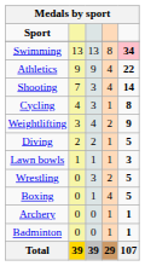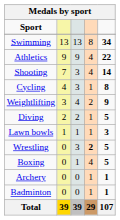 <table class="wikitable" style="font-size:85%; float:right">
 <tr style="background:#efefef;">
 <th colspan=7><strong>Medals by sport</strong></th>
 </tr>
 <tr align=center>
 <td><strong>Sport</strong></td>
 <td bgcolor=#f7f6a8></td>
 <td bgcolor=#dce5e5></td>
 <td bgcolor=#ffdab9></td>
 <td></td>
 </tr>
 <tr>
 </tr>
 <tr align=center>
 <td><a href='#'>Swimming</a></td>
 <td style="Background:#F7F6A8;">13</td>
 <td style="background:#DCE5E5;">13</td>
 <td style="background:#FFDAB9;">8</td>
-<td style="background: pink;"><strong>34</strong></td>
+<td><strong>34</strong></td>
 </tr>
 <tr align=center>
 <td><a href='#'>Athletics</a></td>
 <td style="Background:#F7F6A8;">9</td>
 <td style="background:#DCE5E5;">9</td>
 <td style="background:#FFDAB9;">4</td>
 <td><strong>22</strong></td>
 </tr>
 <tr align=center>
 <td><a href='#'>Shooting</a></td>
 <td style="Background:#F7F6A8;">7</td>
 <td style="background:#DCE5E5;">3</td>
 <td style="background:#FFDAB9;">4</td>
 <td><strong>14</strong></td>
 </tr>
 <tr align=center>
 <td><a href='#'>Cycling</a></td>
 <td style="Background:#F7F6A8;">4</td>
 <td style="background:#DCE5E5;">3</td>
 <td style="background:#FFDAB9;">1</td>
 <td><strong>8</strong></td>
 </tr>
 <tr align=center>
 <td><a href='#'>Weightlifting</a></td>
 <td style="Background:#F7F6A8;">3</td>
 <td style="background:#DCE5E5;">4</td>
 <td style="background:#FFDAB9;">2</td>
 <td><strong>9</strong></td>
 </tr>
 <tr align=center>
 <td><a href='#'>Diving</a></td>
 <td style="Background:#F7F6A8;">2</td>
 <td style="background:#DCE5E5;">2</td>
 <td style="background:#FFDAB9;">1</td>
 <td><strong>5</strong></td>
 </tr>
 <tr align=center>
 <td><a href='#'>Lawn bowls</a></td>
 <td style="Background:#F7F6A8;">1</td>
 <td style="background:#DCE5E5;">1</td>
 <td style="background:#FFDAB9;">1</td>
 <td><strong>3</strong></td>
 </tr>
 <tr align=center>
 <td><a href='#'>Wrestling</a></td>
 <td style="Background:#F7F6A8;">0</td>
 <td style="background:#DCE5E5;">3</td>
-<td style="background:#FFDAB9;">2</td>
+<td style="background:#FFDAB9;"><strong>2</strong></td>
 <td><strong>5</strong></td>
 </tr>
 <tr align=center>
 <td><a href='#'>Boxing</a></td>
 <td style="Background:#F7F6A8;">0</td>
 <td style="background:#DCE5E5;">1</td>
 <td style="background:#FFDAB9;">4</td>
 <td><strong>5</strong></td>
 </tr>
 <tr align=center>
 <td><a href='#'>Archery</a></td>
 <td style="Background:#F7F6A8;">0</td>
 <td style="background:#DCE5E5;">0</td>
 <td style="background:#FFDAB9;">1</td>
 <td><strong>1</strong></td>
 </tr>
 <tr align=center>
 <td><a href='#'>Badminton</a></td>
 <td style="Background:#F7F6A8;">0</td>
 <td style="background:#DCE5E5;">0</td>
 <td style="background:#FFDAB9;">1</td>
 <td><strong>1</strong></td>
 </tr>
 <tr align=center>
 <th>Total</th>
 <th style="background:gold;">39</th>
 <th style="background:silver;">39</th>
 <th style="background:#c96;">29</th>
 <th>107</th>
 </tr>
 </table>
